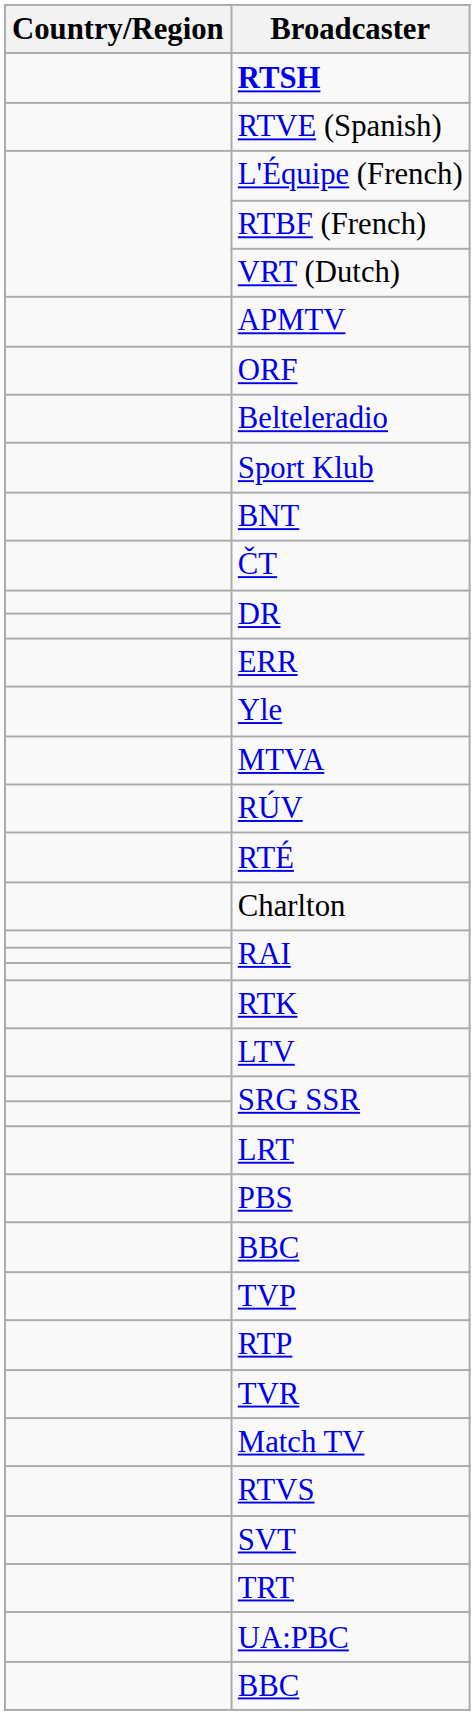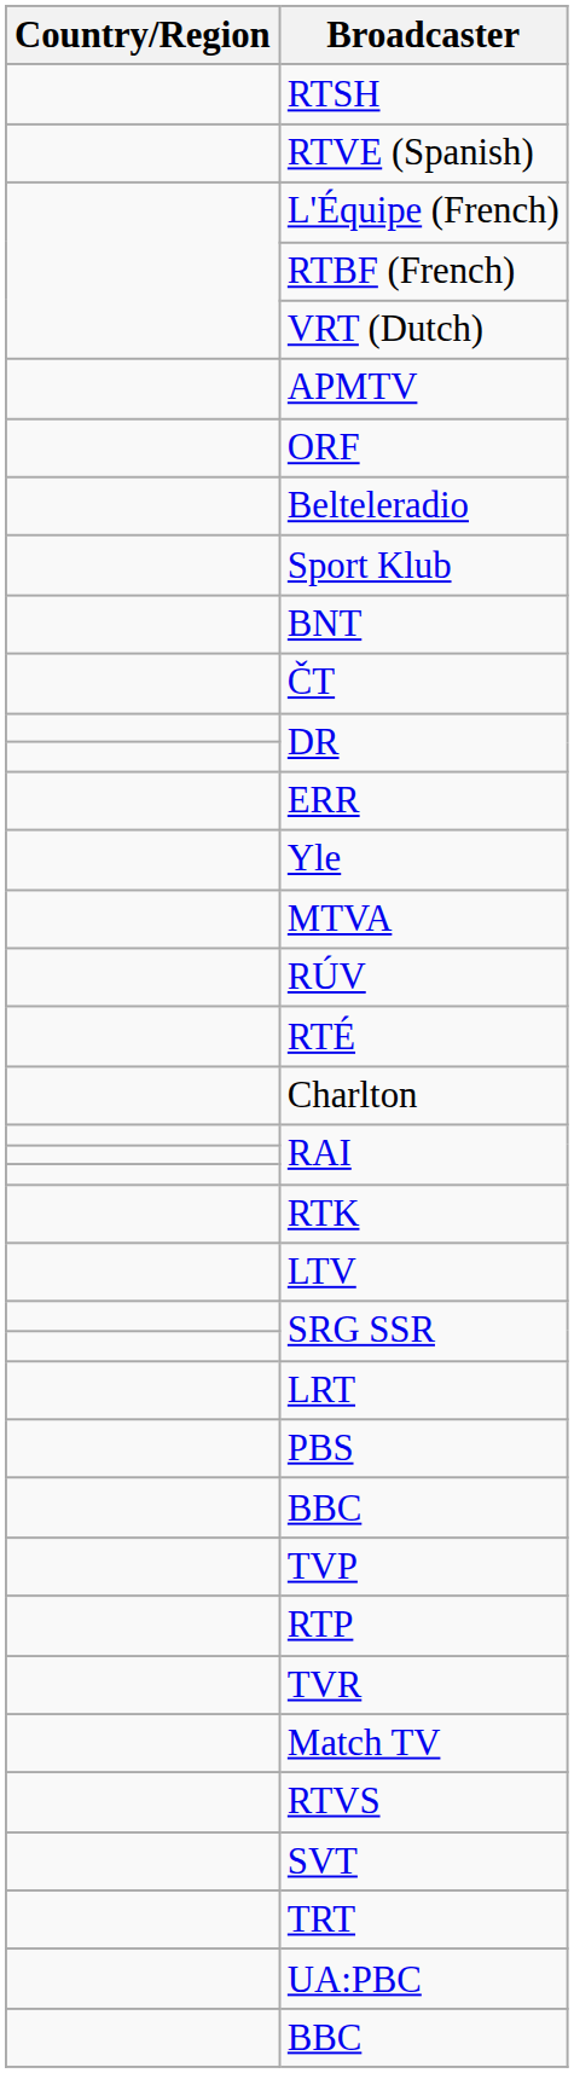 <table class="wikitable">
 <tr>
 <th>Country/Region</th>
 <th>Broadcaster</th>
 </tr>
 <tr>
 <td></td>
-<td><strong><a href='#'>RTSH</a></strong></td>
+<td><a href='#'>RTSH</a></td>
 </tr>
 <tr>
 <td rowspan="2"></td>
 <td><a href='#'>RTVE</a> (Spanish)</td>
 </tr>
 <tr>
 <td rowspan="2"><a href='#'>L'Équipe</a> (French)</td>
 </tr>
 <tr>
 <td rowspan="3"></td>
 </tr>
 <tr>
 <td><a href='#'>RTBF</a> (French)</td>
 </tr>
 <tr>
 <td><a href='#'>VRT</a> (Dutch)</td>
 </tr>
 <tr>
 <td></td>
 <td><a href='#'>APMTV</a></td>
 </tr>
 <tr>
 <td></td>
 <td><a href='#'>ORF</a></td>
 </tr>
 <tr>
 <td></td>
 <td><a href='#'>Belteleradio</a></td>
 </tr>
 <tr>
 <td></td>
 <td><a href='#'>Sport Klub</a></td>
 </tr>
 <tr>
 <td></td>
 <td><a href='#'>BNT</a></td>
 </tr>
 <tr>
 <td></td>
 <td><a href='#'>ČT</a></td>
 </tr>
 <tr>
 <td></td>
 <td rowspan="2"><a href='#'>DR</a></td>
 </tr>
 <tr>
 <td></td>
 </tr>
 <tr>
 <td></td>
 <td><a href='#'>ERR</a></td>
 </tr>
 <tr>
 <td></td>
 <td><a href='#'>Yle</a></td>
 </tr>
 <tr>
 <td></td>
 <td><a href='#'>MTVA</a></td>
 </tr>
 <tr>
 <td></td>
 <td><a href='#'>RÚV</a></td>
 </tr>
 <tr>
 <td></td>
 <td><a href='#'>RTÉ</a></td>
 </tr>
 <tr>
 <td></td>
 <td>Charlton</td>
 </tr>
 <tr>
 <td></td>
 <td rowspan="3"><a href='#'>RAI</a></td>
 </tr>
 <tr>
 <td></td>
 </tr>
 <tr>
 <td></td>
 </tr>
 <tr>
 <td></td>
 <td><a href='#'>RTK</a></td>
 </tr>
 <tr>
 <td></td>
 <td><a href='#'>LTV</a></td>
 </tr>
 <tr>
 <td></td>
 <td rowspan="2"><a href='#'>SRG SSR</a></td>
 </tr>
 <tr>
 <td></td>
 </tr>
 <tr>
 <td></td>
 <td><a href='#'>LRT</a></td>
 </tr>
 <tr>
 <td></td>
 <td><a href='#'>PBS</a></td>
 </tr>
 <tr>
 <td></td>
 <td><a href='#'>BBC</a></td>
 </tr>
 <tr>
 <td></td>
 <td><a href='#'>TVP</a></td>
 </tr>
 <tr>
 <td></td>
 <td><a href='#'>RTP</a></td>
 </tr>
 <tr>
 <td></td>
 <td><a href='#'>TVR</a></td>
 </tr>
 <tr>
 <td></td>
 <td><a href='#'>Match TV</a></td>
 </tr>
 <tr>
 <td></td>
 <td><a href='#'>RTVS</a></td>
 </tr>
 <tr>
 <td></td>
 <td><a href='#'>SVT</a></td>
 </tr>
 <tr>
 <td></td>
 <td><a href='#'>TRT</a></td>
 </tr>
 <tr>
 <td></td>
 <td><a href='#'>UA:PBC</a></td>
 </tr>
 <tr>
 <td></td>
 <td><a href='#'>BBC</a></td>
 </tr>
 </table>
